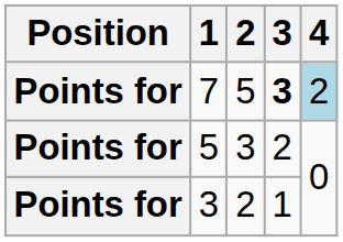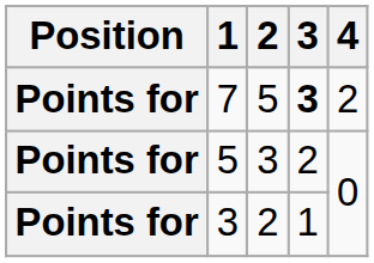 <table class="wikitable floatright" style="text-align: center">
 <tr>
 <th scope="col">Position</th>
 <th scope="col">1</th>
 <th scope="col">2</th>
 <th scope="col">3</th>
 <th scope="col">4</th>
 </tr>
 <tr>
 <th scope="row">Points for </th>
 <td>7</td>
 <td>5</td>
 <td><strong>3</strong></td>
-<td style="background: lightblue;">2</td>
+<td>2</td>
 </tr>
 <tr>
 <th scope="row">Points for </th>
 <td>5</td>
 <td>3</td>
 <td>2</td>
 <td rowspan=2>0</td>
 </tr>
 <tr>
 <th scope="row">Points for </th>
 <td>3</td>
 <td>2</td>
 <td>1</td>
 </tr>
 </table>
